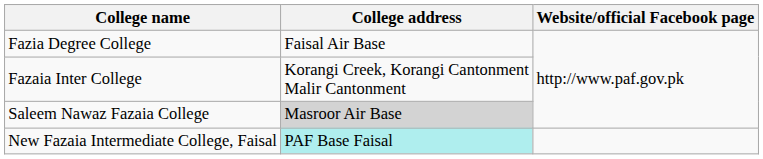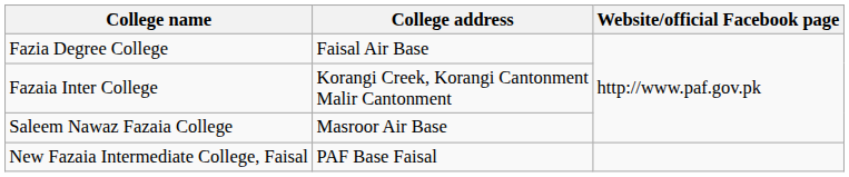 <table class="wikitable">
 <tr>
 <th>College name</th>
 <th>College address</th>
 <th>Website/official Facebook page</th>
 </tr>
 <tr>
 <td>Fazia Degree College</td>
 <td>Faisal Air Base</td>
 <td rowspan="3">http://www.paf.gov.pk</td>
 </tr>
 <tr>
 <td>Fazaia Inter College</td>
 <td>Korangi Creek, Korangi Cantonment<br>Malir Cantonment</td>
 </tr>
 <tr>
 <td>Saleem Nawaz Fazaia College</td>
-<td style="background: lightgrey;">Masroor Air Base</td>
+<td>Masroor Air Base</td>
 </tr>
 <tr>
 <td>New Fazaia Intermediate College, Faisal</td>
-<td style="background: paleturquoise;">PAF Base Faisal</td>
+<td>PAF Base Faisal</td>
 </tr>
 </table>
